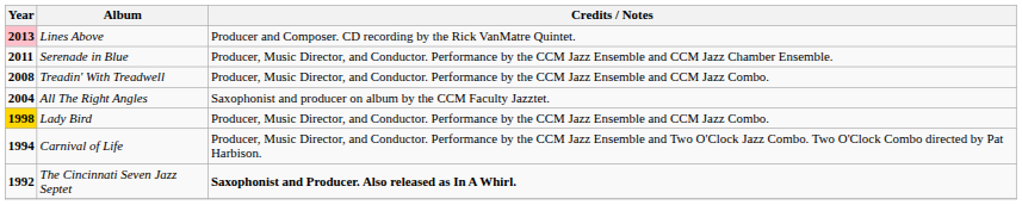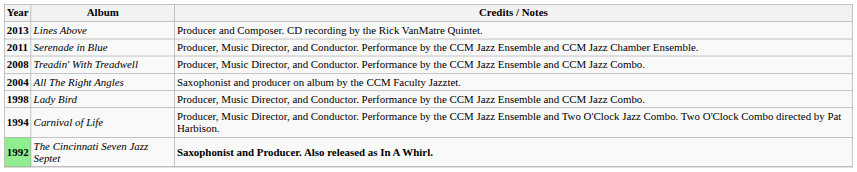 <table class="wikitable">
 <tr>
 <th>Year</th>
 <th>Album</th>
 <th>Credits / Notes</th>
 </tr>
 <tr>
-<td style="background: pink;"><strong>2013</strong></td>
+<td><strong>2013</strong></td>
 <td><em>Lines Above</em></td>
 <td>Producer and Composer. CD recording by the Rick VanMatre Quintet.</td>
 </tr>
 <tr>
 <td><strong>2011</strong></td>
 <td><em>Serenade in Blue</em></td>
 <td>Producer, Music Director, and Conductor. Performance by the CCM Jazz Ensemble and CCM Jazz Chamber Ensemble.</td>
 </tr>
 <tr>
 <td><strong>2008</strong></td>
 <td><em>Treadin' With Treadwell</em></td>
 <td>Producer, Music Director, and Conductor. Performance by the CCM Jazz Ensemble and CCM Jazz Combo.</td>
 </tr>
 <tr>
 <td><strong>2004</strong></td>
 <td><em>All The Right Angles</em></td>
 <td>Saxophonist and producer on album by the CCM Faculty Jazztet.</td>
 </tr>
 <tr>
-<td style="background: gold;"><strong>1998</strong></td>
+<td><strong>1998</strong></td>
 <td><em>Lady Bird</em></td>
 <td>Producer, Music Director, and Conductor. Performance by the CCM Jazz Ensemble and CCM Jazz Combo.</td>
 </tr>
 <tr>
 <td><strong>1994</strong></td>
 <td><em>Carnival of Life</em></td>
 <td>Producer, Music Director, and Conductor. Performance by the CCM Jazz Ensemble and Two O'Clock Jazz Combo. Two O'Clock Combo directed by Pat Harbison.</td>
 </tr>
 <tr>
-<td><strong>1992</strong></td>
+<td style="background: lightgreen;"><strong>1992</strong></td>
 <td><em>The Cincinnati Seven Jazz Septet</em></td>
 <td><strong>Saxophonist and Producer. Also released as In A Whirl.</strong></td>
 </tr>
 <tr>
 </tr>
 </table>
